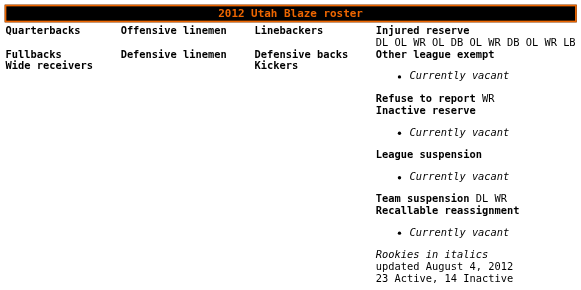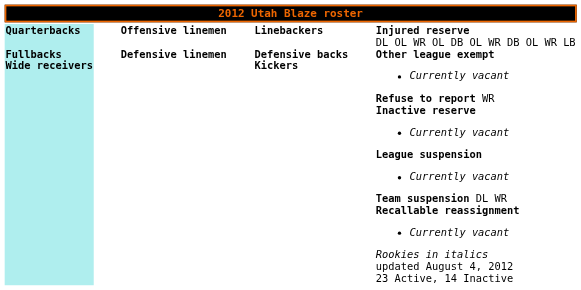 <table class="toccolours" style="text-align: left;">
 <tr>
 <th colspan=7 style="background:#000; border: 2px solid #e60; color:#e60; text-align:center;"><strong>2012 Utah Blaze roster</strong></th>
 </tr>
 <tr>
-<td style="font-size: 95%;" valign="top"><strong>Quarterbacks</strong><br> <br><strong>Fullbacks</strong> <br><strong>Wide receivers</strong>     </td>
+<td style="background: paleturquoise; font-size: 95%;" valign="top"><strong>Quarterbacks</strong><br> <br><strong>Fullbacks</strong> <br><strong>Wide receivers</strong>     </td>
 <td style="width: 25px;"></td>
 <td style="font-size: 95%;" valign="top"><strong>Offensive linemen</strong><br>   <br><strong>Defensive linemen</strong>    </td>
 <td style="width: 25px;"></td>
 <td style="font-size: 95%;" valign="top"><strong>Linebackers</strong><br> <br><strong>Defensive backs</strong>    <br><strong>Kickers</strong> </td>
 <td style="width: 25px;"></td>
 <td style="font-size: 95%;" valign="top"><strong>Injured reserve</strong><br> DL  OL  WR  OL  DB  OL  WR  DB  OL  WR  LB<br><strong>Other league exempt</strong><ul><li><em>Currently vacant</em></li></ul><strong>Refuse to report</strong>  WR<br><strong>Inactive reserve</strong><ul><li><em>Currently vacant</em></li></ul><strong>League suspension</strong><ul><li><em>Currently vacant</em></li></ul><strong>Team suspension</strong>  DL  WR<br><strong>Recallable reassignment</strong><ul><li><em>Currently vacant</em></li></ul> <em>Rookies in italics</em><br>  updated August 4, 2012<br> 23 Active, 14 Inactive </td>
 </tr>
 <tr>
 </tr>
 </table>
